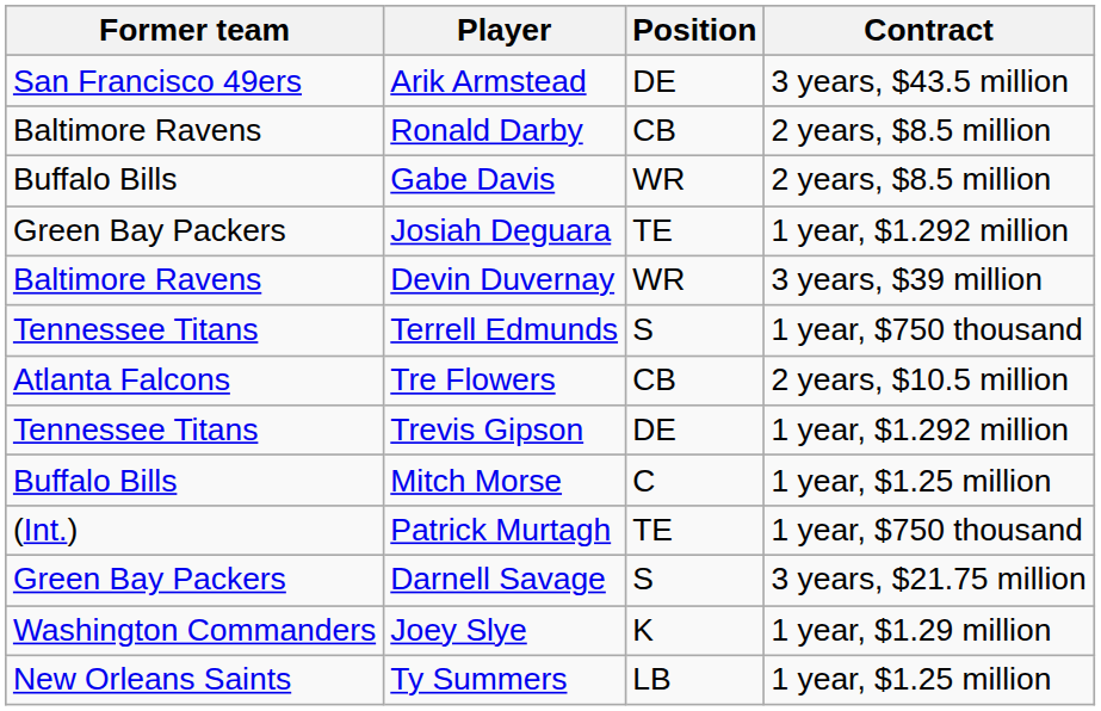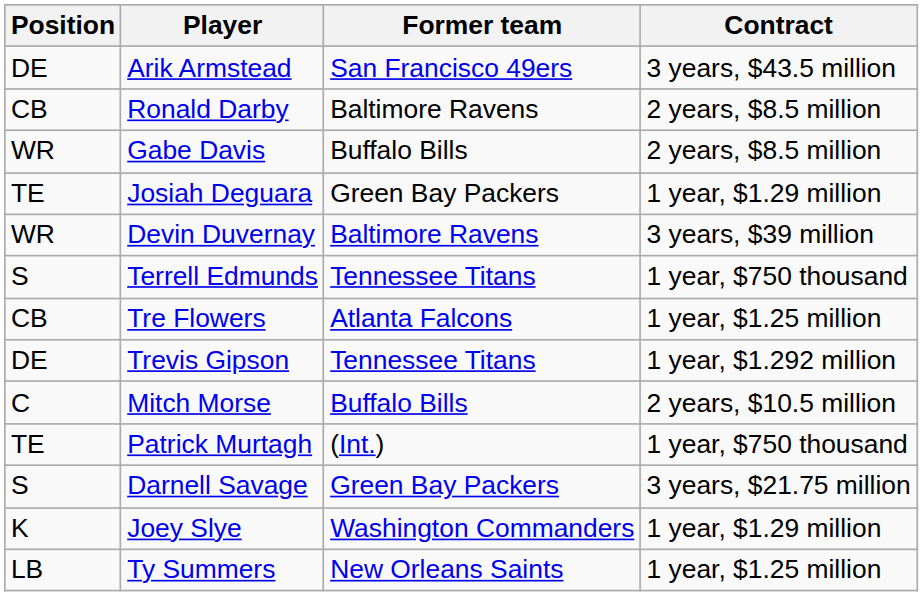 <table class="wikitable">
 <tr>
+<th>Position</th>
+<th>Player</th>
 <th>Former team</th>
-<th>Player</th>
-<th>Position</th>
 <th>Contract</th>
 </tr>
 <tr>
+<td>DE</td>
+<td><a href='#'>Arik Armstead</a></td>
 <td><a href='#'>San Francisco 49ers</a></td>
-<td><a href='#'>Arik Armstead</a></td>
-<td>DE</td>
 <td>3 years, $43.5 million</td>
 </tr>
 <tr>
+<td>CB</td>
+<td><a href='#'>Ronald Darby</a></td>
 <td>Baltimore Ravens</td>
-<td><a href='#'>Ronald Darby</a></td>
-<td>CB</td>
 <td>2 years, $8.5 million</td>
 </tr>
 <tr>
+<td>WR</td>
+<td><a href='#'>Gabe Davis</a></td>
 <td>Buffalo Bills</td>
-<td><a href='#'>Gabe Davis</a></td>
-<td>WR</td>
 <td>2 years, $8.5 million</td>
 </tr>
 <tr>
+<td>TE</td>
+<td><a href='#'>Josiah Deguara</a></td>
 <td>Green Bay Packers</td>
-<td><a href='#'>Josiah Deguara</a></td>
-<td>TE</td>
+<td>1 year, $1.29 million</td>
+</tr>
+<tr>
+<td>WR</td>
+<td><a href='#'>Devin Duvernay</a></td>
+<td><a href='#'>Baltimore Ravens</a></td>
+<td>3 years, $39 million</td>
+</tr>
+<tr>
+<td>S</td>
+<td><a href='#'>Terrell Edmunds</a></td>
+<td><a href='#'>Tennessee Titans</a></td>
+<td>1 year, $750 thousand</td>
+</tr>
+<tr>
+<td>CB</td>
+<td><a href='#'>Tre Flowers</a></td>
+<td><a href='#'>Atlanta Falcons</a></td>
+<td>1 year, $1.25 million</td>
+</tr>
+<tr>
+<td>DE</td>
+<td><a href='#'>Trevis Gipson</a></td>
+<td><a href='#'>Tennessee Titans</a></td>
 <td>1 year, $1.292 million</td>
 </tr>
 <tr>
-<td><a href='#'>Baltimore Ravens</a></td>
-<td><a href='#'>Devin Duvernay</a></td>
-<td>WR</td>
-<td>3 years, $39 million</td>
+<td>C</td>
+<td><a href='#'>Mitch Morse</a></td>
+<td><a href='#'>Buffalo Bills</a></td>
+<td>2 years, $10.5 million</td>
 </tr>
 <tr>
-<td><a href='#'>Tennessee Titans</a></td>
-<td><a href='#'>Terrell Edmunds</a></td>
-<td>S</td>
+<td>TE</td>
+<td><a href='#'>Patrick Murtagh</a></td>
+<td>(<a href='#'>Int.</a>)</td>
 <td>1 year, $750 thousand</td>
 </tr>
 <tr>
-<td><a href='#'>Atlanta Falcons</a></td>
-<td><a href='#'>Tre Flowers</a></td>
-<td>CB</td>
-<td>2 years, $10.5 million</td>
-</tr>
-<tr>
-<td><a href='#'>Tennessee Titans</a></td>
-<td><a href='#'>Trevis Gipson</a></td>
-<td>DE</td>
-<td>1 year, $1.292 million</td>
-</tr>
-<tr>
-<td><a href='#'>Buffalo Bills</a></td>
-<td><a href='#'>Mitch Morse</a></td>
-<td>C</td>
-<td>1 year, $1.25 million</td>
-</tr>
-<tr>
-<td>(<a href='#'>Int.</a>)</td>
-<td><a href='#'>Patrick Murtagh</a></td>
-<td>TE</td>
-<td>1 year, $750 thousand</td>
-</tr>
-<tr>
+<td>S</td>
+<td><a href='#'>Darnell Savage</a></td>
 <td><a href='#'>Green Bay Packers</a></td>
-<td><a href='#'>Darnell Savage</a></td>
-<td>S</td>
 <td>3 years, $21.75 million</td>
 </tr>
 <tr>
+<td>K</td>
+<td><a href='#'>Joey Slye</a></td>
 <td><a href='#'>Washington Commanders</a></td>
-<td><a href='#'>Joey Slye</a></td>
-<td>K</td>
 <td>1 year, $1.29 million</td>
 </tr>
 <tr>
+<td>LB</td>
+<td><a href='#'>Ty Summers</a></td>
 <td><a href='#'>New Orleans Saints</a></td>
-<td><a href='#'>Ty Summers</a></td>
-<td>LB</td>
 <td>1 year, $1.25 million</td>
 </tr>
 </table>
